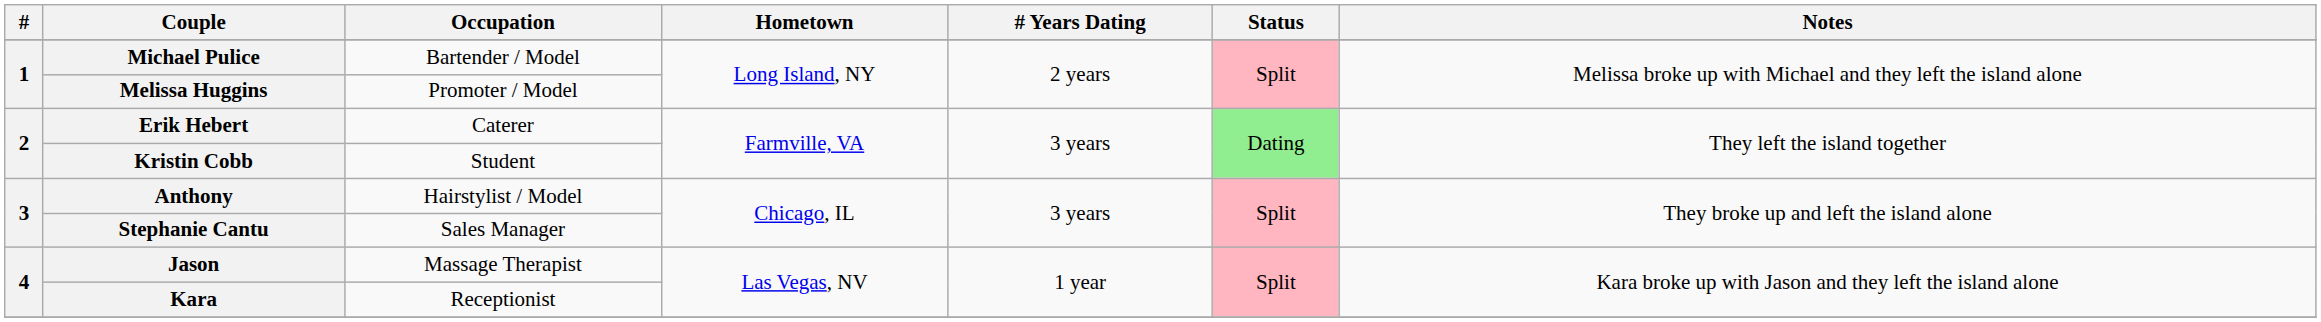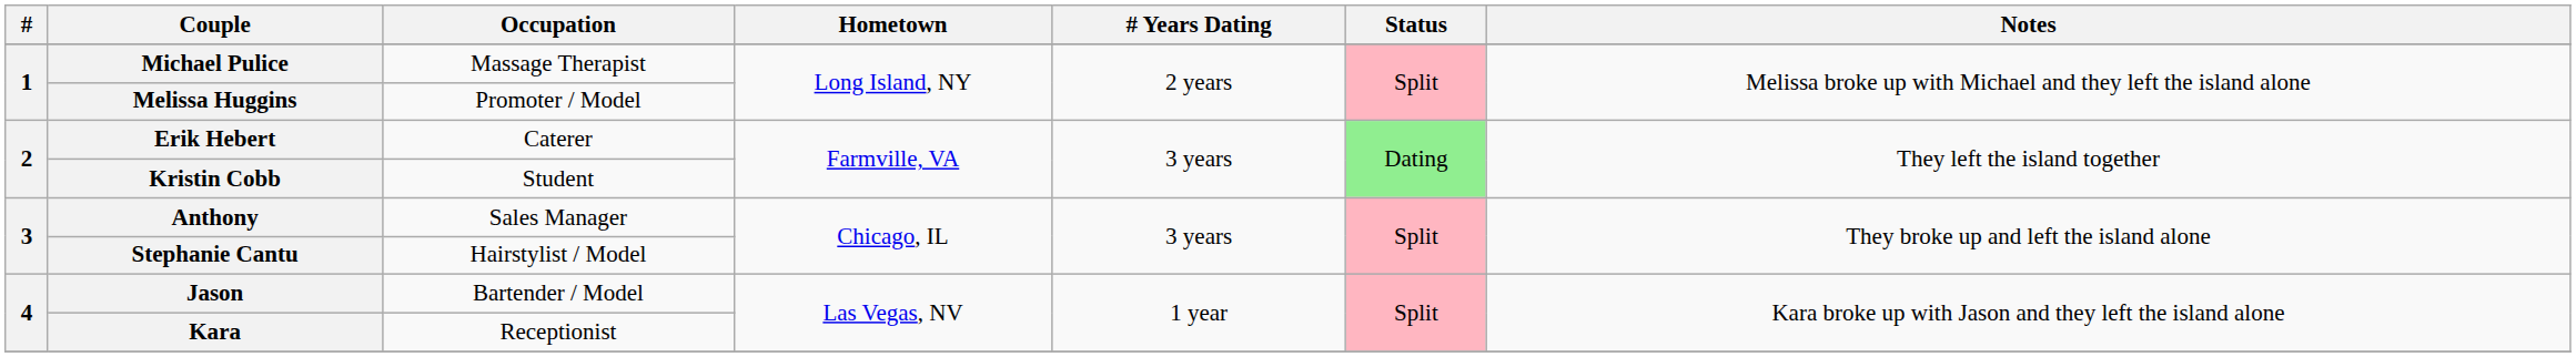 <table class="wikitable plainrowheaders" style="text-align:center; font-size: 90%; width:100%;">
 <tr>
 <th scope="col">#</th>
 <th scope="col">Couple</th>
 <th scope="col">Occupation</th>
 <th scope="col">Hometown</th>
 <th scope="col"># Years Dating</th>
 <th scope="col">Status</th>
 <th scope="col">Notes</th>
 </tr>
 <tr>
 </tr>
 <tr>
 <th scope="rowgroup" rowspan="2">1</th>
 <th scope="row">Michael Pulice</th>
-<td>Bartender / Model</td>
+<td>Massage Therapist</td>
 <td rowspan="2"><a href='#'>Long Island</a>, NY</td>
 <td rowspan="2">2 years</td>
 <td rowspan="2" style="background:lightpink;">Split</td>
 <td rowspan="2">Melissa broke up with Michael and they left the island alone</td>
 </tr>
 <tr>
 <th scope="row">Melissa Huggins</th>
 <td>Promoter / Model</td>
 </tr>
 <tr>
 <th scope="rowgroup" rowspan="2">2</th>
 <th scope="row">Erik Hebert</th>
 <td>Caterer</td>
 <td rowspan="2"><a href='#'>Farmville, VA</a></td>
 <td rowspan="2">3 years</td>
 <td rowspan="2" style="background:lightgreen;">Dating</td>
 <td rowspan="2">They left the island together</td>
 </tr>
 <tr>
 <th scope="row">Kristin Cobb</th>
 <td>Student</td>
 </tr>
 <tr>
 <th scope="rowgroup" rowspan="2">3</th>
 <th scope="row">Anthony</th>
-<td>Hairstylist / Model</td>
+<td>Sales Manager</td>
 <td rowspan="2"><a href='#'>Chicago</a>, IL</td>
 <td rowspan="2">3 years</td>
 <td rowspan="2" style="background:lightpink;">Split</td>
 <td rowspan="2">They broke up and left the island alone</td>
 </tr>
 <tr>
 <th scope="row">Stephanie Cantu</th>
-<td>Sales Manager</td>
+<td>Hairstylist / Model</td>
 </tr>
 <tr>
 <th scope="rowgroup" rowspan="2">4</th>
 <th scope="row">Jason</th>
-<td>Massage Therapist</td>
+<td>Bartender / Model</td>
 <td rowspan="2"><a href='#'>Las Vegas</a>, NV</td>
 <td rowspan="2">1 year</td>
 <td rowspan="2" style="background:lightpink;">Split</td>
 <td rowspan="2">Kara broke up with Jason and they left the island alone</td>
 </tr>
 <tr>
 <th scope="row">Kara</th>
 <td>Receptionist</td>
 </tr>
 <tr>
 </tr>
 </table>
